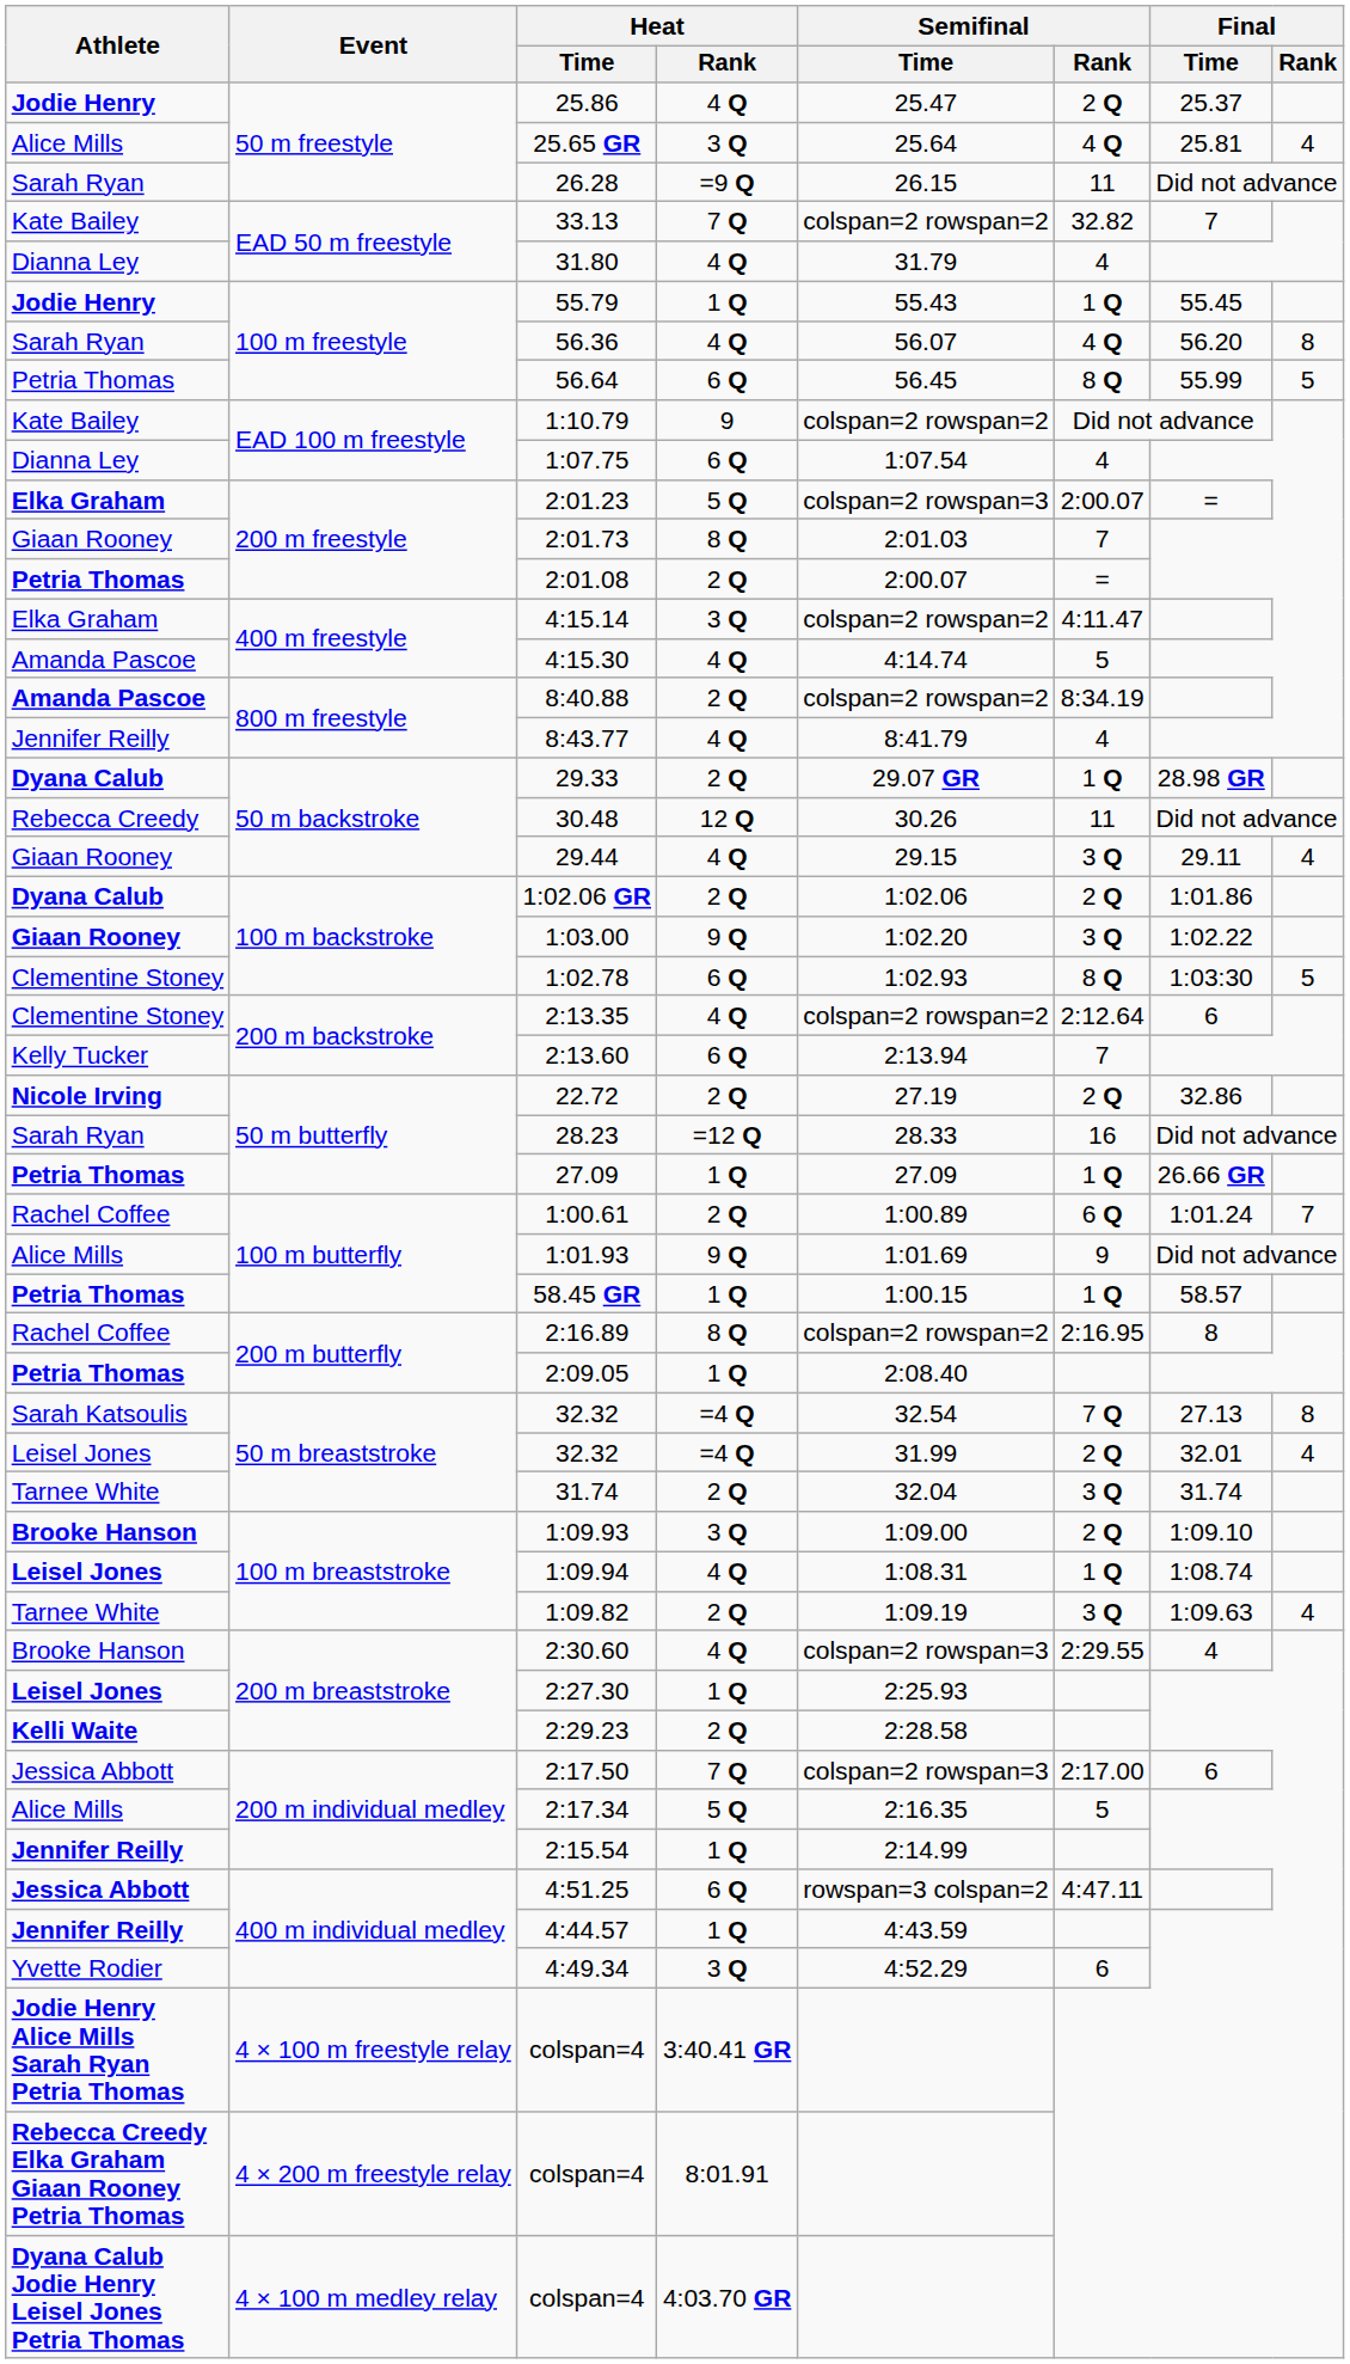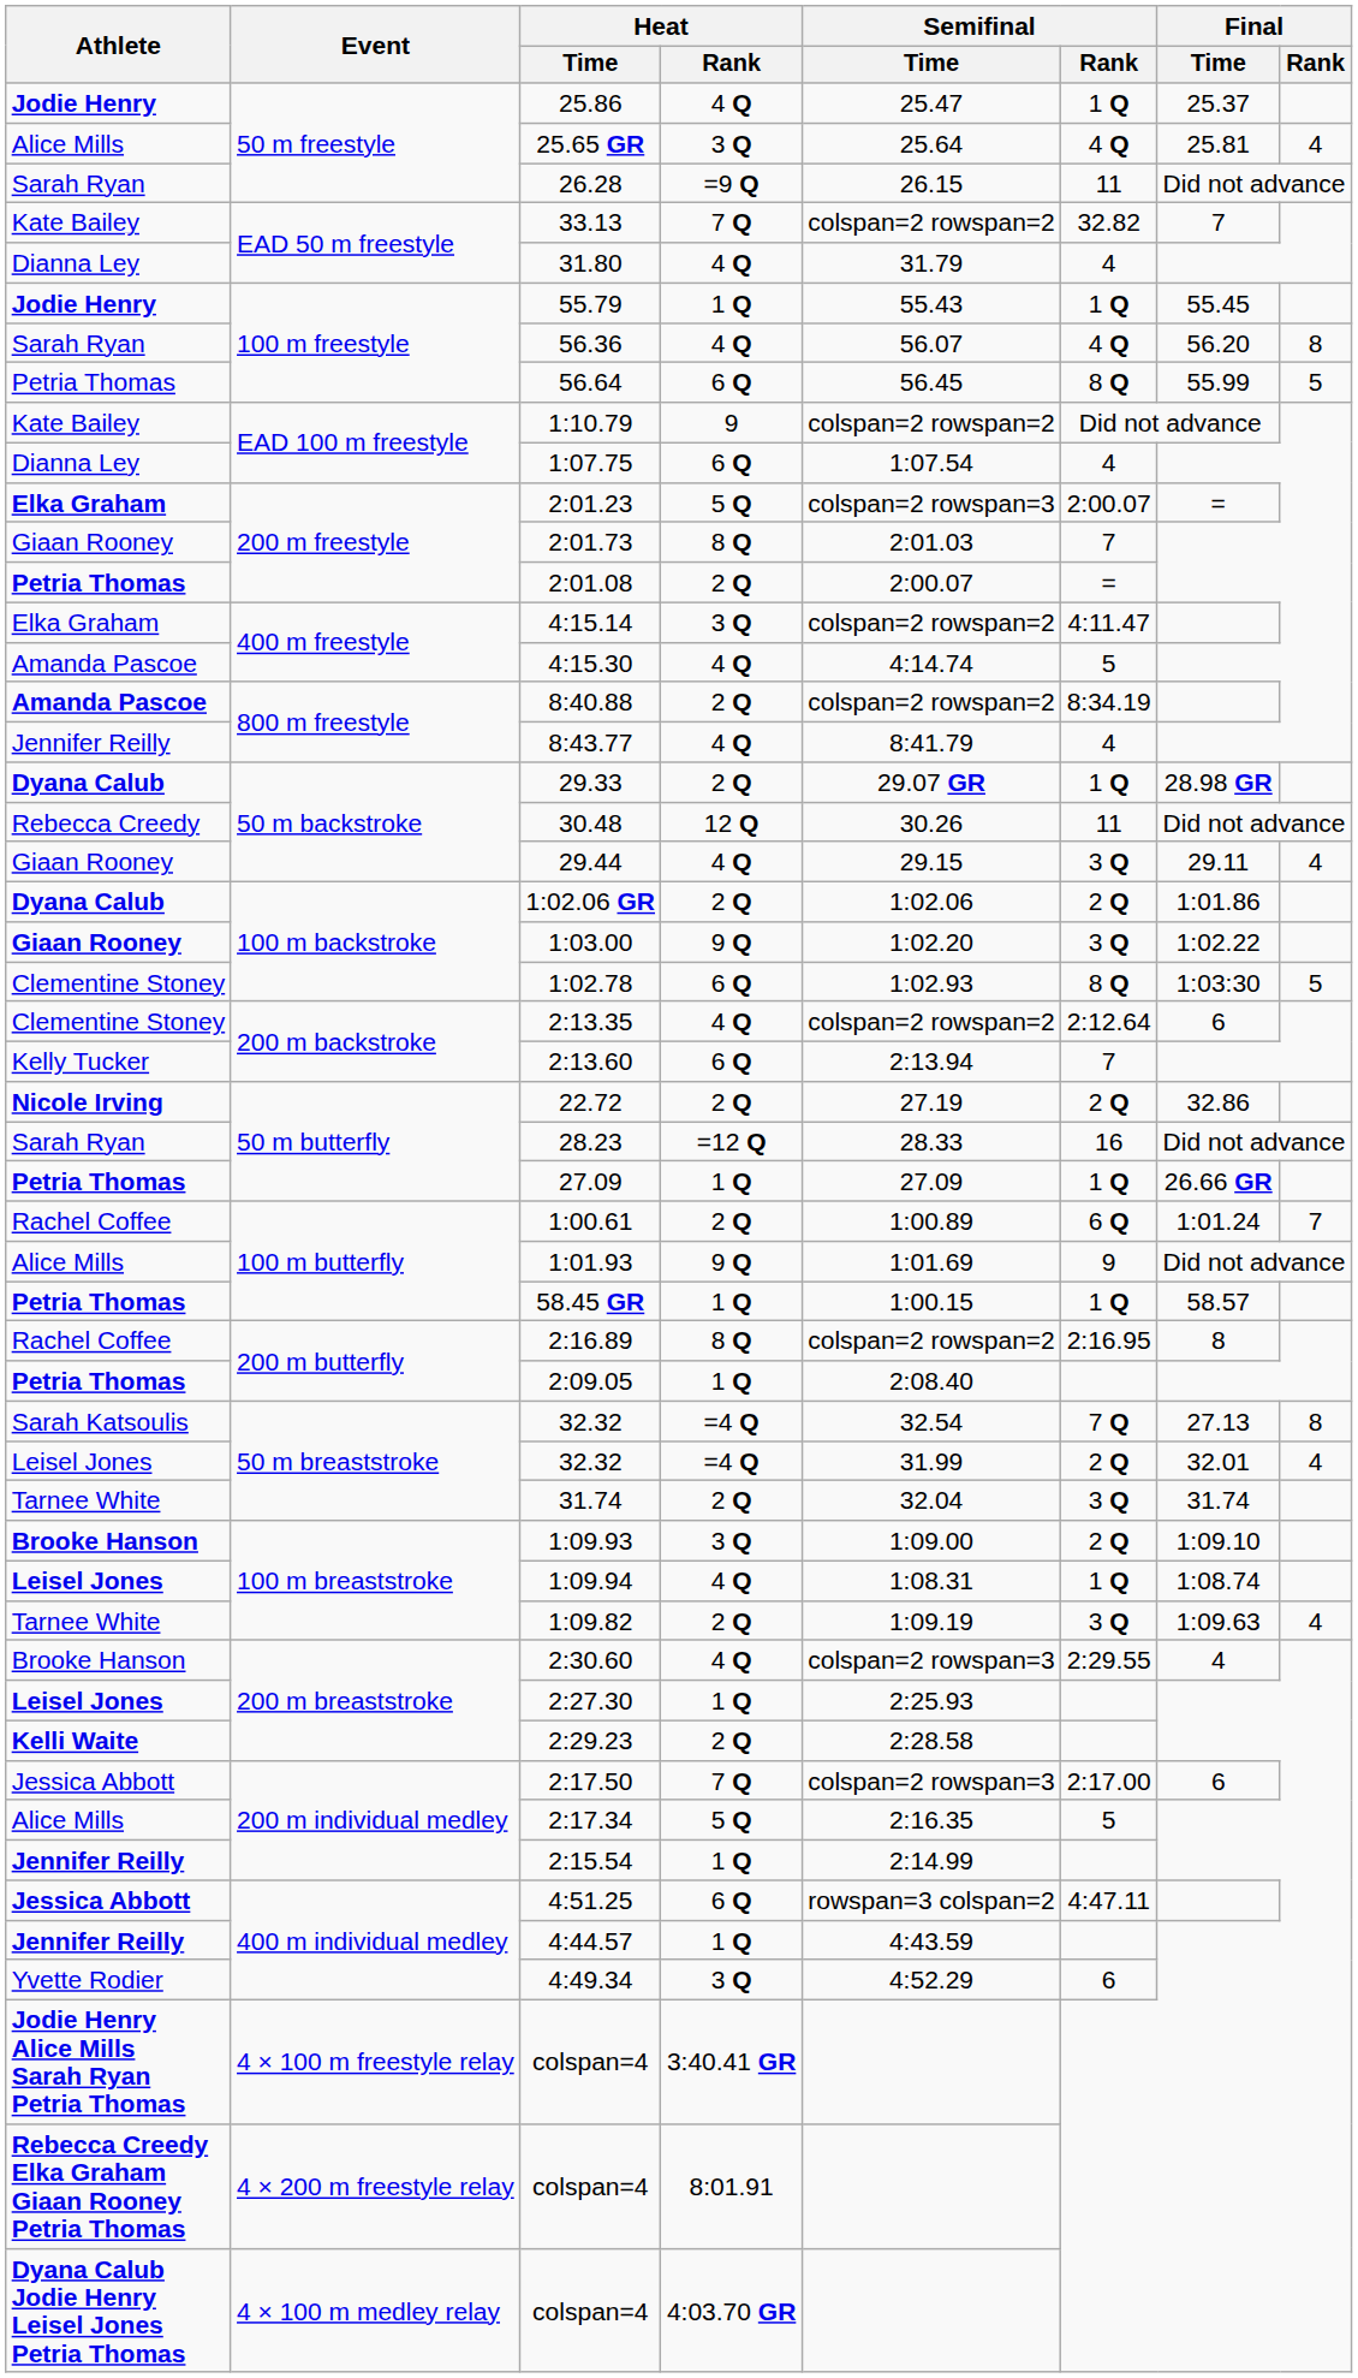 <table class=wikitable style="font-size:90%">
 <tr>
 <th rowspan="2">Athlete</th>
 <th rowspan="2">Event</th>
 <th colspan="2">Heat</th>
 <th colspan="2">Semifinal</th>
 <th colspan="2">Final</th>
 </tr>
 <tr style="font-size:95%">
 <th>Time</th>
 <th>Rank</th>
 <th>Time</th>
 <th>Rank</th>
 <th>Time</th>
 <th>Rank</th>
 </tr>
 <tr align=center>
 <td align=left><strong><a href='#'>Jodie Henry</a></strong></td>
 <td align=left rowspan=3><a href='#'>50 m freestyle</a></td>
 <td>25.86</td>
 <td>4 <strong>Q</strong></td>
 <td>25.47</td>
-<td>2 <strong>Q</strong></td>
+<td>1 <strong>Q</strong></td>
 <td>25.37</td>
 <td></td>
 </tr>
 <tr align=center>
 <td align=left><a href='#'>Alice Mills</a></td>
 <td>25.65 <strong><a href='#'>GR</a></strong></td>
 <td>3 <strong>Q</strong></td>
 <td>25.64</td>
 <td>4 <strong>Q</strong></td>
 <td>25.81</td>
 <td>4</td>
 </tr>
 <tr align=center>
 <td align=left><a href='#'>Sarah Ryan</a></td>
 <td>26.28</td>
 <td>=9 <strong>Q</strong></td>
 <td>26.15</td>
 <td>11</td>
 <td colspan=2>Did not advance</td>
 </tr>
 <tr align=center>
 <td align=left><a href='#'>Kate Bailey</a></td>
 <td align=left rowspan=2><a href='#'>EAD 50 m freestyle</a></td>
 <td>33.13</td>
 <td>7 <strong>Q</strong></td>
 <td>colspan=2 rowspan=2 </td>
 <td>32.82</td>
 <td>7</td>
 </tr>
 <tr align=center>
 <td align=left><a href='#'>Dianna Ley</a></td>
 <td>31.80</td>
 <td>4 <strong>Q</strong></td>
 <td>31.79</td>
 <td>4</td>
 </tr>
 <tr align=center>
 <td align=left><strong><a href='#'>Jodie Henry</a></strong></td>
 <td align=left rowspan=3><a href='#'>100 m freestyle</a></td>
 <td>55.79</td>
 <td>1 <strong>Q</strong></td>
 <td>55.43</td>
 <td>1 <strong>Q</strong></td>
 <td>55.45</td>
 <td></td>
 </tr>
 <tr align=center>
 <td align=left><a href='#'>Sarah Ryan</a></td>
 <td>56.36</td>
 <td>4 <strong>Q</strong></td>
 <td>56.07</td>
 <td>4 <strong>Q</strong></td>
 <td>56.20</td>
 <td>8</td>
 </tr>
 <tr align=center>
 <td align=left><a href='#'>Petria Thomas</a></td>
 <td>56.64</td>
 <td>6 <strong>Q</strong></td>
 <td>56.45</td>
 <td>8 <strong>Q</strong></td>
 <td>55.99</td>
 <td>5</td>
 </tr>
 <tr align=center>
 <td align=left><a href='#'>Kate Bailey</a></td>
 <td align=left rowspan=2><a href='#'>EAD 100 m freestyle</a></td>
 <td>1:10.79</td>
 <td>9</td>
 <td>colspan=2 rowspan=2 </td>
 <td colspan=2>Did not advance</td>
 </tr>
 <tr align=center>
 <td align=left><a href='#'>Dianna Ley</a></td>
 <td>1:07.75</td>
 <td>6 <strong>Q</strong></td>
 <td>1:07.54</td>
 <td>4</td>
 </tr>
 <tr align=center>
 <td align=left><strong><a href='#'>Elka Graham</a></strong></td>
 <td align=left rowspan=3><a href='#'>200 m freestyle</a></td>
 <td>2:01.23</td>
 <td>5 <strong>Q</strong></td>
 <td>colspan=2 rowspan=3 </td>
 <td>2:00.07</td>
 <td>=</td>
 </tr>
 <tr align=center>
 <td align=left><a href='#'>Giaan Rooney</a></td>
 <td>2:01.73</td>
 <td>8 <strong>Q</strong></td>
 <td>2:01.03</td>
 <td>7</td>
 </tr>
 <tr align=center>
 <td align=left><strong><a href='#'>Petria Thomas</a></strong></td>
 <td>2:01.08</td>
 <td>2 <strong>Q</strong></td>
 <td>2:00.07</td>
 <td>=</td>
 </tr>
 <tr align=center>
 <td align=left><a href='#'>Elka Graham</a></td>
 <td align=left rowspan=2><a href='#'>400 m freestyle</a></td>
 <td>4:15.14</td>
 <td>3 <strong>Q</strong></td>
 <td>colspan=2 rowspan=2 </td>
 <td>4:11.47</td>
 <td></td>
 </tr>
 <tr align=center>
 <td align=left><a href='#'>Amanda Pascoe</a></td>
 <td>4:15.30</td>
 <td>4 <strong>Q</strong></td>
 <td>4:14.74</td>
 <td>5</td>
 </tr>
 <tr align=center>
 <td align=left><strong><a href='#'>Amanda Pascoe</a></strong></td>
 <td align=left rowspan=2><a href='#'>800 m freestyle</a></td>
 <td>8:40.88</td>
 <td>2 <strong>Q</strong></td>
 <td>colspan=2 rowspan=2 </td>
 <td>8:34.19</td>
 <td></td>
 </tr>
 <tr align=center>
 <td align=left><a href='#'>Jennifer Reilly</a></td>
 <td>8:43.77</td>
 <td>4 <strong>Q</strong></td>
 <td>8:41.79</td>
 <td>4</td>
 </tr>
 <tr align=center>
 <td align=left><strong><a href='#'>Dyana Calub</a></strong></td>
 <td align=left rowspan=3><a href='#'>50 m backstroke</a></td>
 <td>29.33</td>
 <td>2 <strong>Q</strong></td>
 <td>29.07 <strong><a href='#'>GR</a></strong></td>
 <td>1 <strong>Q</strong></td>
 <td>28.98 <strong><a href='#'>GR</a></strong></td>
 <td></td>
 </tr>
 <tr align=center>
 <td align=left><a href='#'>Rebecca Creedy</a></td>
 <td>30.48</td>
 <td>12 <strong>Q</strong></td>
 <td>30.26</td>
 <td>11</td>
 <td colspan=2>Did not advance</td>
 </tr>
 <tr align=center>
 <td align=left><a href='#'>Giaan Rooney</a></td>
 <td>29.44</td>
 <td>4 <strong>Q</strong></td>
 <td>29.15</td>
 <td>3 <strong>Q</strong></td>
 <td>29.11</td>
 <td>4</td>
 </tr>
 <tr align=center>
 <td align=left><strong><a href='#'>Dyana Calub</a></strong></td>
 <td align=left rowspan=3><a href='#'>100 m backstroke</a></td>
 <td>1:02.06 <strong><a href='#'>GR</a></strong></td>
 <td>2 <strong>Q</strong></td>
 <td>1:02.06</td>
 <td>2 <strong>Q</strong></td>
 <td>1:01.86</td>
 <td></td>
 </tr>
 <tr align=center>
 <td align=left><strong><a href='#'>Giaan Rooney</a></strong></td>
 <td>1:03.00</td>
 <td>9 <strong>Q</strong></td>
 <td>1:02.20</td>
 <td>3 <strong>Q</strong></td>
 <td>1:02.22</td>
 <td></td>
 </tr>
 <tr align=center>
 <td align=left><a href='#'>Clementine Stoney</a></td>
 <td>1:02.78</td>
 <td>6 <strong>Q</strong></td>
 <td>1:02.93</td>
 <td>8 <strong>Q</strong></td>
 <td>1:03:30</td>
 <td>5</td>
 </tr>
 <tr align=center>
 <td align=left><a href='#'>Clementine Stoney</a></td>
 <td align=left rowspan=2><a href='#'>200 m backstroke</a></td>
 <td>2:13.35</td>
 <td>4 <strong>Q</strong></td>
 <td>colspan=2 rowspan=2 </td>
 <td>2:12.64</td>
 <td>6</td>
 </tr>
 <tr align=center>
 <td align=left><a href='#'>Kelly Tucker</a></td>
 <td>2:13.60</td>
 <td>6 <strong>Q</strong></td>
 <td>2:13.94</td>
 <td>7</td>
 </tr>
 <tr align=center>
 <td align=left><strong><a href='#'>Nicole Irving</a></strong></td>
 <td align=left rowspan=3><a href='#'>50 m butterfly</a></td>
 <td>22.72</td>
 <td>2 <strong>Q</strong></td>
 <td>27.19</td>
 <td>2 <strong>Q</strong></td>
 <td>32.86</td>
 <td></td>
 </tr>
 <tr align=center>
 <td align=left><a href='#'>Sarah Ryan</a></td>
 <td>28.23</td>
 <td>=12 <strong>Q</strong></td>
 <td>28.33</td>
 <td>16</td>
 <td colspan=2>Did not advance</td>
 </tr>
 <tr align=center>
 <td align=left><strong><a href='#'>Petria Thomas</a></strong></td>
 <td>27.09</td>
 <td>1 <strong>Q</strong></td>
 <td>27.09</td>
 <td>1 <strong>Q</strong></td>
 <td>26.66 <strong><a href='#'>GR</a></strong></td>
 <td></td>
 </tr>
 <tr align=center>
 <td align=left><a href='#'>Rachel Coffee</a></td>
 <td align=left rowspan=3><a href='#'>100 m butterfly</a></td>
 <td>1:00.61</td>
 <td>2 <strong>Q</strong></td>
 <td>1:00.89</td>
 <td>6 <strong>Q</strong></td>
 <td>1:01.24</td>
 <td>7</td>
 </tr>
 <tr align=center>
 <td align=left><a href='#'>Alice Mills</a></td>
 <td>1:01.93</td>
 <td>9 <strong>Q</strong></td>
 <td>1:01.69</td>
 <td>9</td>
 <td colspan=2>Did not advance</td>
 </tr>
 <tr align=center>
 <td align=left><strong><a href='#'>Petria Thomas</a></strong></td>
 <td>58.45 <strong><a href='#'>GR</a></strong></td>
 <td>1 <strong>Q</strong></td>
 <td>1:00.15</td>
 <td>1 <strong>Q</strong></td>
 <td>58.57</td>
 <td></td>
 </tr>
 <tr align=center>
 <td align=left><a href='#'>Rachel Coffee</a></td>
 <td align=left rowspan=2><a href='#'>200 m butterfly</a></td>
 <td>2:16.89</td>
 <td>8 <strong>Q</strong></td>
 <td>colspan=2 rowspan=2 </td>
 <td>2:16.95</td>
 <td>8</td>
 </tr>
 <tr align=center>
 <td align=left><strong><a href='#'>Petria Thomas</a></strong></td>
 <td>2:09.05</td>
 <td>1 <strong>Q</strong></td>
 <td>2:08.40</td>
 <td></td>
 </tr>
 <tr align=center>
 <td align=left><a href='#'>Sarah Katsoulis</a></td>
 <td align=left rowspan=3><a href='#'>50 m breaststroke</a></td>
 <td>32.32</td>
 <td>=4 <strong>Q</strong></td>
 <td>32.54</td>
 <td>7 <strong>Q</strong></td>
 <td>27.13</td>
 <td>8</td>
 </tr>
 <tr align=center>
 <td align=left><a href='#'>Leisel Jones</a></td>
 <td>32.32</td>
 <td>=4 <strong>Q</strong></td>
 <td>31.99</td>
 <td>2 <strong>Q</strong></td>
 <td>32.01</td>
 <td>4</td>
 </tr>
 <tr align=center>
 <td align=left><a href='#'>Tarnee White</a></td>
 <td>31.74</td>
 <td>2 <strong>Q</strong></td>
 <td>32.04</td>
 <td>3 <strong>Q</strong></td>
 <td>31.74</td>
 <td></td>
 </tr>
 <tr align=center>
 <td align=left><strong><a href='#'>Brooke Hanson</a></strong></td>
 <td align=left rowspan=3><a href='#'>100 m breaststroke</a></td>
 <td>1:09.93</td>
 <td>3 <strong>Q</strong></td>
 <td>1:09.00</td>
 <td>2 <strong>Q</strong></td>
 <td>1:09.10</td>
 <td></td>
 </tr>
 <tr align=center>
 <td align=left><strong><a href='#'>Leisel Jones</a></strong></td>
 <td>1:09.94</td>
 <td>4 <strong>Q</strong></td>
 <td>1:08.31</td>
 <td>1 <strong>Q</strong></td>
 <td>1:08.74</td>
 <td></td>
 </tr>
 <tr align=center>
 <td align=left><a href='#'>Tarnee White</a></td>
 <td>1:09.82</td>
 <td>2 <strong>Q</strong></td>
 <td>1:09.19</td>
 <td>3 <strong>Q</strong></td>
 <td>1:09.63</td>
 <td>4</td>
 </tr>
 <tr align=center>
 <td align=left><a href='#'>Brooke Hanson</a></td>
 <td align=left rowspan=3><a href='#'>200 m breaststroke</a></td>
 <td>2:30.60</td>
 <td>4 <strong>Q</strong></td>
 <td>colspan=2 rowspan=3 </td>
 <td>2:29.55</td>
 <td>4</td>
 </tr>
 <tr align=center>
 <td align=left><strong><a href='#'>Leisel Jones</a></strong></td>
 <td>2:27.30</td>
 <td>1 <strong>Q</strong></td>
 <td>2:25.93</td>
 <td></td>
 </tr>
 <tr align=center>
 <td align=left><strong><a href='#'>Kelli Waite</a></strong></td>
 <td>2:29.23</td>
 <td>2 <strong>Q</strong></td>
 <td>2:28.58</td>
 <td></td>
 </tr>
 <tr align=center>
 <td align=left><a href='#'>Jessica Abbott</a></td>
 <td align=left rowspan=3><a href='#'>200 m individual medley</a></td>
 <td>2:17.50</td>
 <td>7 <strong>Q</strong></td>
 <td>colspan=2 rowspan=3 </td>
 <td>2:17.00</td>
 <td>6</td>
 </tr>
 <tr align=center>
 <td align=left><a href='#'>Alice Mills</a></td>
 <td>2:17.34</td>
 <td>5 <strong>Q</strong></td>
 <td>2:16.35</td>
 <td>5</td>
 </tr>
 <tr align=center>
 <td align=left><strong><a href='#'>Jennifer Reilly</a></strong></td>
 <td>2:15.54</td>
 <td>1 <strong>Q</strong></td>
 <td>2:14.99</td>
 <td></td>
 </tr>
 <tr align=center>
 <td align=left><strong><a href='#'>Jessica Abbott</a></strong></td>
 <td align=left rowspan=3><a href='#'>400 m individual medley</a></td>
 <td>4:51.25</td>
 <td>6 <strong>Q</strong></td>
 <td>rowspan=3 colspan=2 </td>
 <td>4:47.11</td>
 <td></td>
 </tr>
 <tr align=center>
 <td align=left><strong><a href='#'>Jennifer Reilly</a></strong></td>
 <td>4:44.57</td>
 <td>1 <strong>Q</strong></td>
 <td>4:43.59</td>
 <td></td>
 </tr>
 <tr align=center>
 <td align=left><a href='#'>Yvette Rodier</a></td>
 <td>4:49.34</td>
 <td>3 <strong>Q</strong></td>
 <td>4:52.29</td>
 <td>6</td>
 </tr>
 <tr align=center>
 <td align=left><strong><a href='#'>Jodie Henry</a><br><a href='#'>Alice Mills</a><br><a href='#'>Sarah Ryan</a><br><a href='#'>Petria Thomas</a></strong></td>
 <td align=left><a href='#'>4 × 100 m freestyle relay</a></td>
 <td>colspan=4 </td>
 <td>3:40.41 <strong><a href='#'>GR</a></strong></td>
 <td></td>
 </tr>
 <tr align=center>
 <td align=left><strong><a href='#'>Rebecca Creedy</a><br><a href='#'>Elka Graham</a><br><a href='#'>Giaan Rooney</a><br><a href='#'>Petria Thomas</a></strong></td>
 <td align=left><a href='#'>4 × 200 m freestyle relay</a></td>
 <td>colspan=4 </td>
 <td>8:01.91</td>
 <td></td>
 </tr>
 <tr align=center>
 <td align=left><strong><a href='#'>Dyana Calub</a><br><a href='#'>Jodie Henry</a><br><a href='#'>Leisel Jones</a><br><a href='#'>Petria Thomas</a></strong></td>
 <td align=left><a href='#'>4 × 100 m medley relay</a></td>
 <td>colspan=4 </td>
 <td>4:03.70 <strong><a href='#'>GR</a></strong></td>
 <td></td>
 </tr>
 </table>
